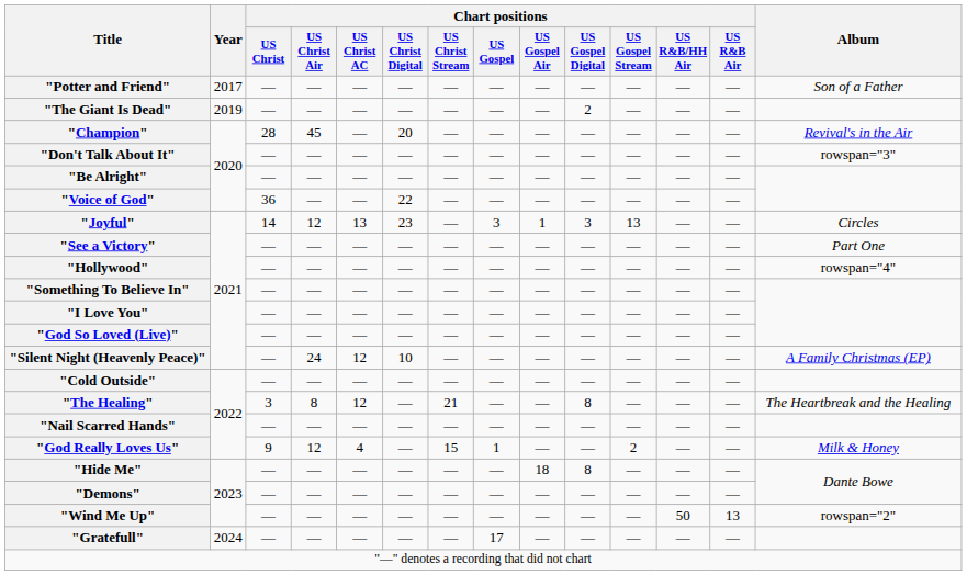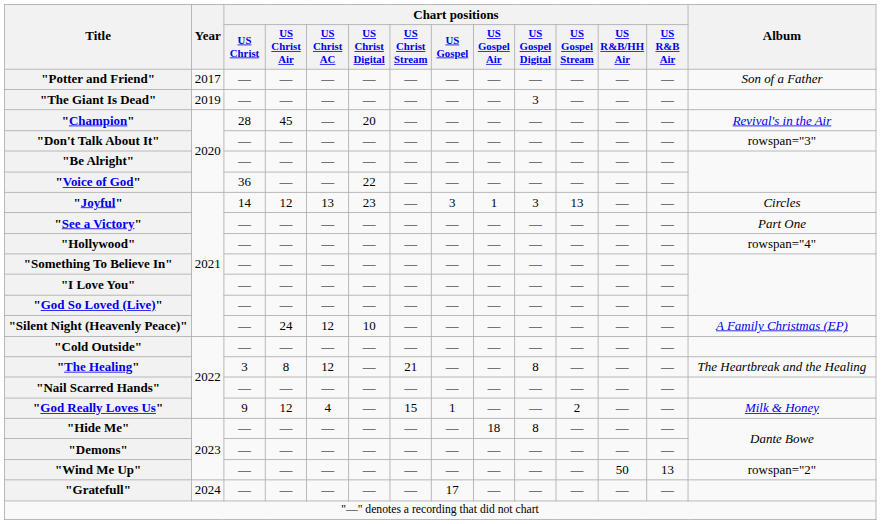 <table class="wikitable plainrowheaders" style="text-align:center;">
 <tr>
 <th rowspan="2" style="width:14em;">Title</th>
 <th rowspan="2">Year</th>
 <th colspan="11">Chart positions</th>
 <th rowspan="2" style="width:14em;">Album</th>
 </tr>
 <tr style="font-size:smaller;">
 <th width="45"><a href='#'>US<br>Christ</a><br></th>
 <th width="45"><a href='#'>US<br>Christ Air</a><br></th>
 <th width="45"><a href='#'>US<br>Christ AC</a><br></th>
 <th width="45"><a href='#'>US<br>Christ<br>Digital</a><br></th>
 <th width="45"><a href='#'>US<br>Christ<br>Stream</a><br></th>
 <th width="45"><a href='#'>US<br>Gospel</a><br></th>
 <th width="45"><a href='#'>US<br>Gospel<br>Air</a><br></th>
 <th width="45"><a href='#'>US<br>Gospel<br>Digital</a><br></th>
 <th width="45"><a href='#'>US<br>Gospel<br>Stream</a><br></th>
 <th width="45"><a href='#'>US<br>R&B/HH<br>Air</a><br></th>
 <th width="45"><a href='#'>US<br>R&B<br>Air</a><br></th>
 </tr>
 <tr>
 <th scope="row">"Potter and Friend"<br></th>
 <td>2017</td>
 <td>—</td>
 <td>—</td>
 <td>—</td>
 <td>—</td>
 <td>—</td>
 <td>—</td>
 <td>—</td>
 <td>—</td>
 <td>—</td>
 <td>—</td>
 <td>—</td>
 <td><em>Son of a Father</em></td>
 </tr>
 <tr>
 <th scope="row">"The Giant Is Dead"<br></th>
 <td>2019</td>
 <td>—</td>
 <td>—</td>
 <td>—</td>
 <td>—</td>
 <td>—</td>
 <td>—</td>
 <td>—</td>
-<td>2</td>
+<td>3</td>
 <td>—</td>
 <td>—</td>
 <td>—</td>
 <td></td>
 </tr>
 <tr>
 <th scope="row">"<a href='#'>Champion</a>" <br></th>
 <td rowspan="4">2020</td>
 <td>28</td>
 <td>45</td>
 <td>—</td>
 <td>20</td>
 <td>—</td>
 <td>—</td>
 <td>—</td>
 <td>—</td>
 <td>—</td>
 <td>—</td>
 <td>—</td>
 <td><em><a href='#'>Revival's in the Air</a></em></td>
 </tr>
 <tr>
 <th scope="row">"Don't Talk About It"<br></th>
 <td>—</td>
 <td>—</td>
 <td>—</td>
 <td>—</td>
 <td>—</td>
 <td>—</td>
 <td>—</td>
 <td>—</td>
 <td>—</td>
 <td>—</td>
 <td>—</td>
 <td>rowspan="3" </td>
 </tr>
 <tr>
 <th scope="row">"Be Alright"<br></th>
 <td>—</td>
 <td>—</td>
 <td>—</td>
 <td>—</td>
 <td>—</td>
 <td>—</td>
 <td>—</td>
 <td>—</td>
 <td>—</td>
 <td>—</td>
 <td>—</td>
 </tr>
 <tr>
 <th scope="row">"<a href='#'>Voice of God</a>"<br></th>
 <td>36</td>
 <td>—</td>
 <td>—</td>
 <td>22</td>
 <td>—</td>
 <td>—</td>
 <td>—</td>
 <td>—</td>
 <td>—</td>
 <td>—</td>
 <td>—</td>
 </tr>
 <tr>
 <th scope="row">"<a href='#'>Joyful</a>"</th>
 <td rowspan="7">2021</td>
 <td>14</td>
 <td>12</td>
 <td>13</td>
 <td>23</td>
 <td>—</td>
 <td>3</td>
 <td>1</td>
 <td>3</td>
 <td>13</td>
 <td>—</td>
 <td>—</td>
 <td><em>Circles</em></td>
 </tr>
 <tr>
 <th scope="row">"<a href='#'>See a Victory</a>"<br></th>
 <td>—</td>
 <td>—</td>
 <td>—</td>
 <td>—</td>
 <td>—</td>
 <td>—</td>
 <td>—</td>
 <td>—</td>
 <td>—</td>
 <td>—</td>
 <td>—</td>
 <td><em>Part One</em></td>
 </tr>
 <tr>
 <th scope="row">"Hollywood"<br></th>
 <td>—</td>
 <td>—</td>
 <td>—</td>
 <td>—</td>
 <td>—</td>
 <td>—</td>
 <td>—</td>
 <td>—</td>
 <td>—</td>
 <td>—</td>
 <td>—</td>
 <td>rowspan="4" </td>
 </tr>
 <tr>
 <th scope="row">"Something To Believe In"<br></th>
 <td>—</td>
 <td>—</td>
 <td>—</td>
 <td>—</td>
 <td>—</td>
 <td>—</td>
 <td>—</td>
 <td>—</td>
 <td>—</td>
 <td>—</td>
 <td>—</td>
 </tr>
 <tr>
 <th scope="row">"I Love You"<br></th>
 <td>—</td>
 <td>—</td>
 <td>—</td>
 <td>—</td>
 <td>—</td>
 <td>—</td>
 <td>—</td>
 <td>—</td>
 <td>—</td>
 <td>—</td>
 <td>—</td>
 </tr>
 <tr>
 <th scope="row">"<a href='#'>God So Loved (Live)</a>"<br></th>
 <td>—</td>
 <td>—</td>
 <td>—</td>
 <td>—</td>
 <td>—</td>
 <td>—</td>
 <td>—</td>
 <td>—</td>
 <td>—</td>
 <td>—</td>
 <td>—</td>
 </tr>
 <tr>
 <th scope="row">"Silent Night (Heavenly Peace)"<br></th>
 <td>—</td>
 <td>24</td>
 <td>12</td>
 <td>10</td>
 <td>—</td>
 <td>—</td>
 <td>—</td>
 <td>—</td>
 <td>—</td>
 <td>—</td>
 <td>—</td>
 <td><em><a href='#'>A Family Christmas (EP)</a></em></td>
 </tr>
 <tr>
 <th scope="row">"Cold Outside"<br></th>
 <td rowspan="4">2022</td>
 <td>—</td>
 <td>—</td>
 <td>—</td>
 <td>—</td>
 <td>—</td>
 <td>—</td>
 <td>—</td>
 <td>—</td>
 <td>—</td>
 <td>—</td>
 <td>—</td>
 <td></td>
 </tr>
 <tr>
 <th scope="row">"<a href='#'>The Healing</a>"<br></th>
 <td>3</td>
 <td>8</td>
 <td>12</td>
 <td>—</td>
 <td>21</td>
 <td>—</td>
 <td>—</td>
 <td>8</td>
 <td>—</td>
 <td>—</td>
 <td>—</td>
 <td><em>The Heartbreak and the Healing</em></td>
 </tr>
 <tr>
 <th scope="row">"Nail Scarred Hands"</th>
 <td>—</td>
 <td>—</td>
 <td>—</td>
 <td>—</td>
 <td>—</td>
 <td>—</td>
 <td>—</td>
 <td>—</td>
 <td>—</td>
 <td>—</td>
 <td>—</td>
 <td></td>
 </tr>
 <tr>
 <th scope="row">"<a href='#'>God Really Loves Us</a>"<br></th>
 <td>9</td>
 <td>12</td>
 <td>4</td>
 <td>—</td>
 <td>15</td>
 <td>1</td>
 <td>—</td>
 <td>—</td>
 <td>2</td>
 <td>—</td>
 <td>—</td>
 <td><em><a href='#'>Milk & Honey</a></em></td>
 </tr>
 <tr>
 <th scope="row">"Hide Me"</th>
 <td rowspan="3">2023</td>
 <td>—</td>
 <td>—</td>
 <td>—</td>
 <td>—</td>
 <td>—</td>
 <td>—</td>
 <td>18</td>
 <td>8</td>
 <td>—</td>
 <td>—</td>
 <td>—</td>
 <td rowspan="2"><em>Dante Bowe</em></td>
 </tr>
 <tr>
 <th scope="row">"Demons"</th>
 <td>—</td>
 <td>—</td>
 <td>—</td>
 <td>—</td>
 <td>—</td>
 <td>—</td>
 <td>—</td>
 <td>—</td>
 <td>—</td>
 <td>—</td>
 <td>—</td>
 </tr>
 <tr>
 <th scope="row">"Wind Me Up"<br></th>
 <td>—</td>
 <td>—</td>
 <td>—</td>
 <td>—</td>
 <td>—</td>
 <td>—</td>
 <td>—</td>
 <td>—</td>
 <td>—</td>
 <td>50</td>
 <td>13</td>
 <td>rowspan="2" </td>
 </tr>
 <tr>
 <th scope="row">"Gratefull"<br></th>
 <td>2024</td>
 <td>—</td>
 <td>—</td>
 <td>—</td>
 <td>—</td>
 <td>—</td>
 <td>17</td>
 <td>—</td>
 <td>—</td>
 <td>—</td>
 <td>—</td>
 <td>—</td>
 </tr>
 <tr>
 <td colspan="14" style="font-size:90%">"—" denotes a recording that did not chart</td>
 </tr>
 </table>
